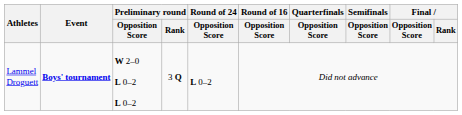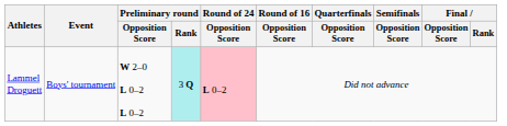 <table class=wikitable style="font-size:90%">
 <tr>
 <th rowspan=2>Athletes</th>
 <th rowspan=2>Event</th>
 <th colspan=2>Preliminary round</th>
 <th>Round of 24</th>
 <th>Round of 16</th>
 <th>Quarterfinals</th>
 <th>Semifinals</th>
 <th colspan=2>Final / </th>
 </tr>
 <tr style="font-size:95%">
 <th>Opposition<br>Score</th>
 <th>Rank</th>
 <th>Opposition<br>Score</th>
 <th>Opposition<br>Score</th>
 <th>Opposition<br>Score</th>
 <th>Opposition<br>Score</th>
 <th>Opposition<br>Score</th>
 <th>Rank</th>
 </tr>
 <tr align=center>
 <td align=left><a href='#'>Lammel</a><br><a href='#'>Droguett</a></td>
-<td align=left><strong><a href='#'>Boys' tournament</a></strong></td>
+<td align=left><a href='#'>Boys' tournament</a></td>
 <td align=left><br> <strong>W</strong> 2–0<br><br> <strong>L</strong> 0–2<br><br> <strong>L</strong> 0–2</td>
-<td>3 <strong>Q</strong></td>
-<td align=left><br> <strong>L</strong> 0–2</td>
+<td style="background: paleturquoise;">3 <strong>Q</strong></td>
+<td align=left style="background: pink;"><br> <strong>L</strong> 0–2</td>
 <td colspan=5><em>Did not advance</em></td>
 </tr>
 </table>
